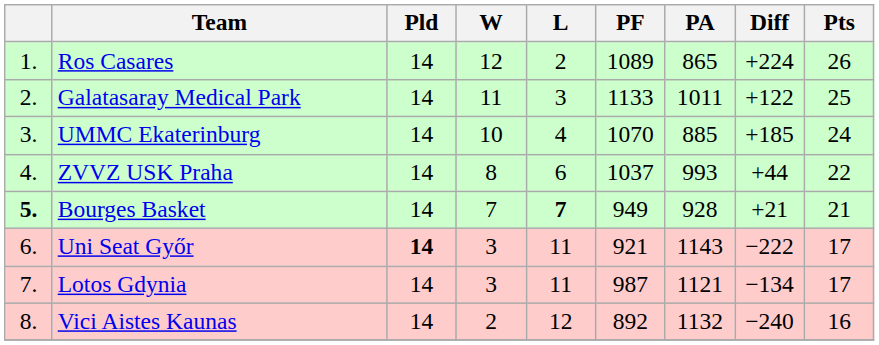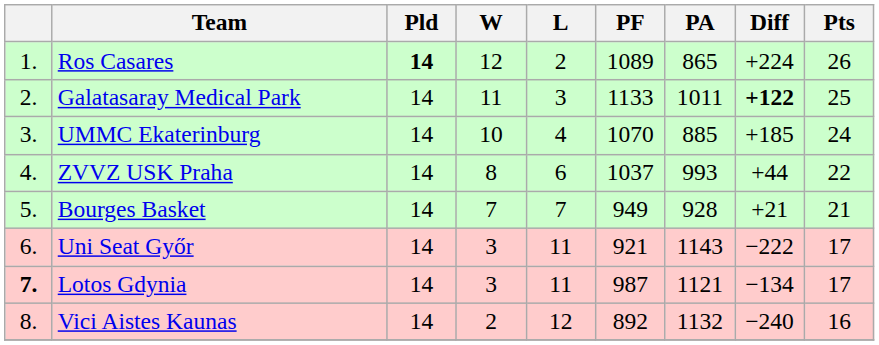 <table class="wikitable" style="text-align:center">
 <tr>
 <th width=25></th>
 <th width=220>Team</th>
 <th width=40>Pld</th>
 <th width=40>W</th>
 <th width=40>L</th>
 <th width=40>PF</th>
 <th width=40>PA</th>
 <th width=40>Diff</th>
 <th width=40>Pts</th>
 </tr>
 <tr style="background:#ccffcc;">
 <td>1.</td>
 <td align=left> <a href='#'>Ros Casares</a></td>
-<td>14</td>
+<td><strong>14</strong></td>
 <td>12</td>
 <td>2</td>
 <td>1089</td>
 <td>865</td>
 <td>+224</td>
 <td>26</td>
 </tr>
 <tr style="background:#ccffcc;">
 <td>2.</td>
 <td align=left> <a href='#'>Galatasaray Medical Park</a></td>
 <td>14</td>
 <td>11</td>
 <td>3</td>
 <td>1133</td>
 <td>1011</td>
-<td>+122</td>
+<td><strong>+122</strong></td>
 <td>25</td>
 </tr>
 <tr style="background:#ccffcc;">
 <td>3.</td>
 <td align=left> <a href='#'>UMMC Ekaterinburg</a></td>
 <td>14</td>
 <td>10</td>
 <td>4</td>
 <td>1070</td>
 <td>885</td>
 <td>+185</td>
 <td>24</td>
 </tr>
 <tr style="background:#ccffcc;">
 <td>4.</td>
 <td align=left> <a href='#'>ZVVZ USK Praha</a></td>
 <td>14</td>
 <td>8</td>
 <td>6</td>
 <td>1037</td>
 <td>993</td>
 <td>+44</td>
 <td>22</td>
 </tr>
 <tr style="background:#ccffcc;">
-<td><strong>5.</strong></td>
+<td>5.</td>
 <td align=left> <a href='#'>Bourges Basket</a></td>
 <td>14</td>
 <td>7</td>
-<td><strong>7</strong></td>
+<td>7</td>
 <td>949</td>
 <td>928</td>
 <td>+21</td>
 <td>21</td>
 </tr>
 <tr style="background: #ffcccc;">
 <td>6.</td>
 <td align=left> <a href='#'>Uni Seat Győr</a></td>
-<td><strong>14</strong></td>
+<td>14</td>
 <td>3</td>
 <td>11</td>
 <td>921</td>
 <td>1143</td>
 <td>−222</td>
 <td>17</td>
 </tr>
 <tr style="background: #ffcccc;">
-<td>7.</td>
+<td><strong>7.</strong></td>
 <td align=left> <a href='#'>Lotos Gdynia</a></td>
 <td>14</td>
 <td>3</td>
 <td>11</td>
 <td>987</td>
 <td>1121</td>
 <td>−134</td>
 <td>17</td>
 </tr>
 <tr style="background: #ffcccc;">
 <td>8.</td>
 <td align=left> <a href='#'>Vici Aistes Kaunas</a></td>
 <td>14</td>
 <td>2</td>
 <td>12</td>
 <td>892</td>
 <td>1132</td>
 <td>−240</td>
 <td>16</td>
 </tr>
 <tr>
 </tr>
 </table>
